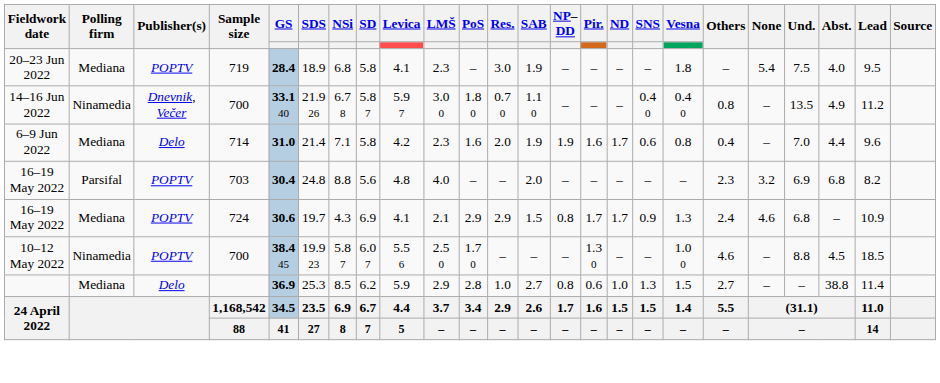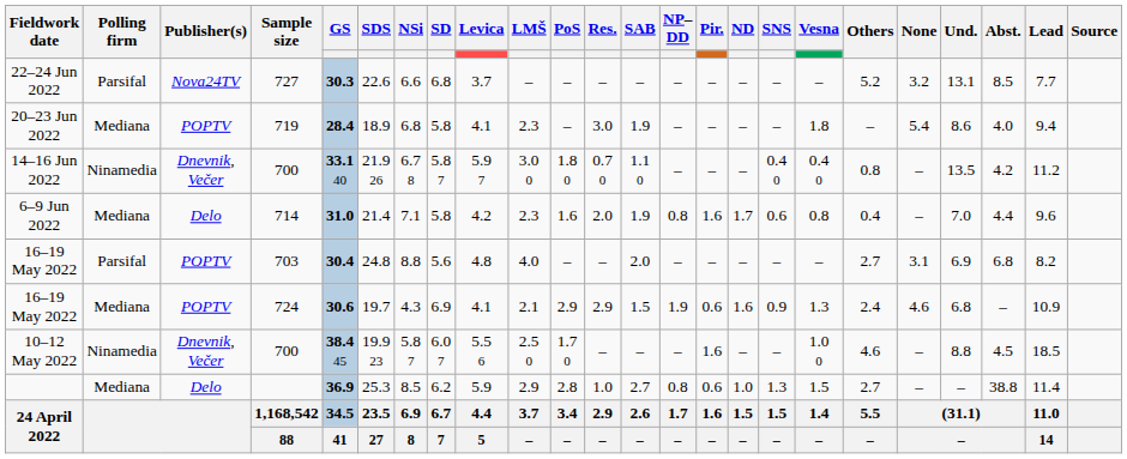 <table class="wikitable sortable" style="text-align:center;font-size:85%;line-height:16px">
 <tr>
 <th rowspan="2" style="width:120px;">Fieldwork date</th>
 <th rowspan="2">Polling firm</th>
 <th rowspan="2">Publisher(s)</th>
 <th rowspan="2" style="width:50px;" class="unsortable">Sample size</th>
 <th style="width:35px;" class="unsortable"><a href='#'>GS</a></th>
 <th style="width:35px;" class="unsortable"><a href='#'>SDS</a></th>
 <th style="width:35px;" class="unsortable"><a href='#'>NSi</a></th>
 <th style="width:35px;" class="unsortable"><a href='#'>SD</a></th>
 <th style="width:35px;" class="unsortable"><a href='#'>Levica</a></th>
 <th style="width:35px;" class="unsortable"><a href='#'>LMŠ</a></th>
 <th style="width:35px;" class="unsortable"><a href='#'>PoS</a></th>
 <th style="width:35px;" class="unsortable"><a href='#'>Res.</a></th>
 <th style="width:35px;" class="unsortable"><a href='#'>SAB</a></th>
 <th style="width:35px;" class="unsortable"><a href='#'>NP</a>–<a href='#'>DD</a></th>
 <th style="width:35px;" class="unsortable"><a href='#'>Pir.</a></th>
 <th style="width:35px;" class="unsortable"><a href='#'>ND</a></th>
 <th style="width:35px;" class="unsortable"><a href='#'>SNS</a></th>
 <th style="width:35px;" class="unsortable"><a href='#'>Vesna</a></th>
 <th rowspan="2" style="width:35px;" class="unsortable">Others</th>
 <th rowspan="2" style="width:35px;" class="unsortable">None</th>
 <th rowspan="2" style="width:35px;" class="unsortable">Und.</th>
 <th rowspan="2" style="width:35px;" class="unsortable">Abst.</th>
 <th rowspan="2" style="width:35px;" class="unsortable">Lead</th>
 <th rowspan="2" class="unsortable">Source</th>
 </tr>
 <tr>
 <th class="unsortable" style="background:"></th>
 <th class="unsortable" style="background:"></th>
 <th class="unsortable" style="background:"></th>
 <th class="unsortable" style="background:"></th>
 <th class="unsortable" style="background:#ff4d4d; width:30px;"></th>
 <th class="unsortable" style="background:"></th>
 <th class="unsortable" style="background:"></th>
 <th class="unsortable" style="background:"></th>
 <th class="unsortable" style="background:"></th>
 <th class="unsortable" style="background:"></th>
 <th class="unsortable" style="background:#D2691E; width:30px"></th>
 <th class="unsortable" style="background:"></th>
 <th class="unsortable" style="background:"></th>
 <th class="unsortable" style="background:#00A65E; width:30px"></th>
 </tr>
 <tr>
+<td data-sort-value="2022-06-24">22–24 Jun 2022</td>
+<td>Parsifal</td>
+<td><em><a href='#'>Nova24TV</a></em></td>
+<td>727</td>
+<td style="background:#b6cee2;"><strong>30.3</strong></td>
+<td>22.6</td>
+<td>6.6</td>
+<td>6.8</td>
+<td>3.7</td>
+<td>–</td>
+<td>–</td>
+<td>–</td>
+<td>–</td>
+<td>–</td>
+<td>–</td>
+<td>–</td>
+<td>–</td>
+<td>–</td>
+<td>5.2</td>
+<td>3.2</td>
+<td>13.1</td>
+<td>8.5</td>
+<td style="background:">7.7</td>
+<td></td>
+</tr>
+<tr>
 <td data-sort-value="2022-06-23">20–23 Jun 2022</td>
 <td>Mediana</td>
 <td><em><a href='#'>POPTV</a></em></td>
 <td>719</td>
 <td style="background:#b6cee2;"><strong>28.4</strong></td>
 <td>18.9</td>
 <td>6.8</td>
 <td>5.8</td>
 <td>4.1</td>
 <td>2.3</td>
 <td>–</td>
 <td>3.0</td>
 <td>1.9</td>
 <td>–</td>
 <td>–</td>
 <td>–</td>
 <td>–</td>
 <td>1.8</td>
 <td>–</td>
 <td>5.4</td>
-<td>7.5</td>
+<td>8.6</td>
 <td>4.0</td>
-<td style="background:">9.5</td>
+<td style="background:">9.4</td>
 <td></td>
 </tr>
 <tr>
 <td data-sort-value="2022-06-16">14–16 Jun 2022</td>
 <td>Ninamedia</td>
 <td><a href='#'><em>Dnevnik</em></a>, <a href='#'><em>Večer</em></a></td>
 <td>700</td>
 <td style="background:#b6cee2;"><strong>33.1</strong><br><small>40</small></td>
 <td>21.9<br><small>26</small></td>
 <td>6.7<br><small>8</small></td>
 <td>5.8<br><small>7</small></td>
 <td>5.9<br><small>7</small></td>
 <td>3.0<br><small>0</small></td>
 <td>1.8<br><small>0</small></td>
 <td>0.7<br><small>0</small></td>
 <td>1.1<br><small>0</small></td>
 <td>–</td>
 <td>–</td>
 <td>–</td>
 <td>0.4<br><small>0</small></td>
 <td>0.4<br><small>0</small></td>
 <td>0.8</td>
 <td>–</td>
 <td>13.5</td>
-<td>4.9</td>
+<td>4.2</td>
 <td style="background:">11.2</td>
 <td></td>
 </tr>
 <tr>
 <td data-sort-value="2022-06-09">6–9 Jun 2022</td>
 <td>Mediana</td>
 <td><em><a href='#'>Delo</a></em></td>
 <td>714</td>
 <td style="background:#b6cee2;"><strong>31.0</strong></td>
 <td>21.4</td>
 <td>7.1</td>
 <td>5.8</td>
 <td>4.2</td>
 <td>2.3</td>
 <td>1.6</td>
 <td>2.0</td>
 <td>1.9</td>
-<td>1.9</td>
+<td>0.8</td>
 <td>1.6</td>
 <td>1.7</td>
 <td>0.6</td>
 <td>0.8</td>
 <td>0.4</td>
 <td>–</td>
 <td>7.0</td>
 <td>4.4</td>
 <td style="background:">9.6</td>
 <td></td>
 </tr>
 <tr>
 <td data-sort-value="2022-05-19">16–19 May 2022</td>
 <td>Parsifal</td>
 <td><em><a href='#'>POPTV</a></em></td>
 <td>703</td>
 <td style="background:#b6cee2;"><strong>30.4</strong></td>
 <td>24.8</td>
 <td>8.8</td>
 <td>5.6</td>
 <td>4.8</td>
 <td>4.0</td>
 <td>–</td>
 <td>–</td>
 <td>2.0</td>
 <td>–</td>
 <td>–</td>
 <td>–</td>
 <td>–</td>
 <td>–</td>
-<td>2.3</td>
-<td>3.2</td>
+<td>2.7</td>
+<td>3.1</td>
 <td>6.9</td>
 <td>6.8</td>
 <td style="background:">8.2</td>
 <td></td>
 </tr>
 <tr>
 <td data-sort-value="2022-05-19">16–19 May 2022</td>
 <td>Mediana</td>
 <td><em><a href='#'>POPTV</a></em></td>
 <td>724</td>
 <td style="background:#b6cee2;"><strong>30.6</strong></td>
 <td>19.7</td>
 <td>4.3</td>
 <td>6.9</td>
 <td>4.1</td>
 <td>2.1</td>
 <td>2.9</td>
 <td>2.9</td>
 <td>1.5</td>
-<td>0.8</td>
-<td>1.7</td>
-<td>1.7</td>
+<td>1.9</td>
+<td>0.6</td>
+<td>1.6</td>
 <td>0.9</td>
 <td>1.3</td>
 <td>2.4</td>
 <td>4.6</td>
 <td>6.8</td>
 <td>–</td>
 <td style="background:">10.9</td>
 <td></td>
 </tr>
 <tr>
 <td data-sort-value="2022-05-12">10–12 May 2022</td>
 <td>Ninamedia</td>
-<td><em><a href='#'>POPTV</a></em></td>
+<td><a href='#'><em>Dnevnik</em></a>, <a href='#'><em>Večer</em></a></td>
 <td>700</td>
 <td style="background:#b6cee2;"><strong>38.4</strong><br><small>45</small></td>
 <td>19.9<br><small>23</small></td>
 <td>5.8<br><small>7</small></td>
 <td>6.0<br><small>7</small></td>
 <td>5.5<br><small>6</small></td>
 <td>2.5<br><small>0</small></td>
 <td>1.7<br><small>0</small></td>
 <td>–</td>
 <td>–</td>
 <td>–</td>
-<td>1.3<br><small>0</small></td>
+<td>1.6</td>
 <td>–</td>
 <td>–</td>
 <td>1.0<br><small>0</small></td>
 <td>4.6</td>
 <td>–</td>
 <td>8.8</td>
 <td>4.5</td>
 <td style="background:">18.5</td>
 <td></td>
 </tr>
 <tr>
 <td data-sort-value="2022-05-09"></td>
 <td>Mediana</td>
 <td><em><a href='#'>Delo</a></em></td>
 <td></td>
 <td style="background:#b6cee2;"><strong>36.9</strong></td>
 <td>25.3</td>
 <td>8.5</td>
 <td>6.2</td>
 <td>5.9</td>
 <td>2.9</td>
 <td>2.8</td>
 <td>1.0</td>
 <td>2.7</td>
 <td>0.8</td>
 <td>0.6</td>
 <td>1.0</td>
 <td>1.3</td>
 <td>1.5</td>
 <td>2.7</td>
 <td>–</td>
 <td>–</td>
 <td>38.8</td>
 <td style="background:">11.4</td>
 <td></td>
 </tr>
 <tr>
 <th rowspan="2" data-sort-value="2022-04-25">24 April 2022</th>
 <th colspan="2" rowspan="2"></th>
 <th>1,168,542</th>
 <th style="background:#b6cee2;"><strong>34.5</strong></th>
 <th>23.5</th>
 <th>6.9</th>
 <th>6.7</th>
 <th>4.4</th>
 <th>3.7</th>
 <th>3.4</th>
 <th>2.9</th>
 <th>2.6</th>
 <th>1.7</th>
 <th>1.6</th>
 <th>1.5</th>
 <th>1.5</th>
 <th>1.4</th>
 <th>5.5</th>
 <th colspan="3">(31.1)</th>
 <th style="background:">11.0</th>
 <th></th>
 </tr>
 <tr style="font-size:90%;">
 <th>88</th>
 <th>41</th>
 <th>27</th>
 <th>8</th>
 <th>7</th>
 <th>5</th>
 <th>–</th>
 <th>–</th>
 <th>–</th>
 <th>–</th>
 <th>–</th>
 <th>–</th>
 <th>–</th>
 <th>–</th>
 <th>–</th>
 <th>–</th>
 <th colspan="3">–</th>
 <th style="background:">14</th>
 <th></th>
 </tr>
 </table>
